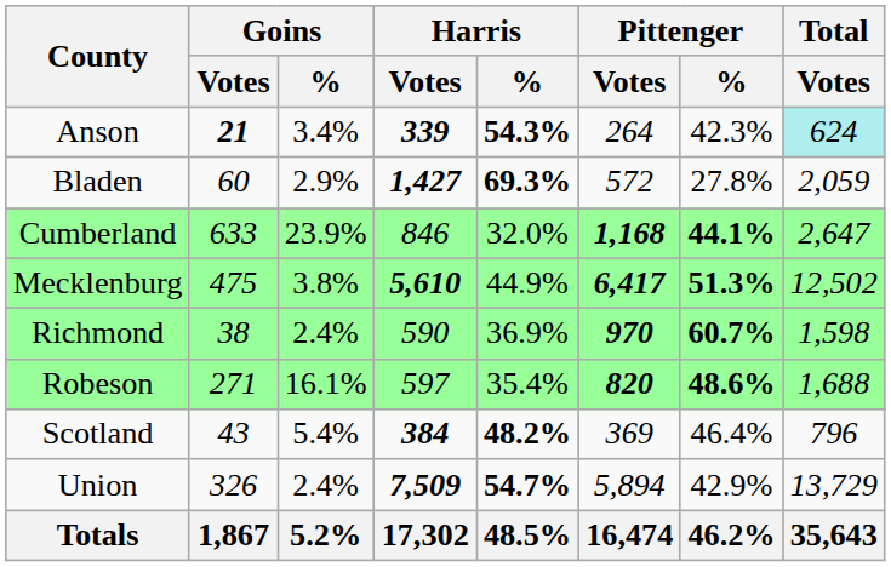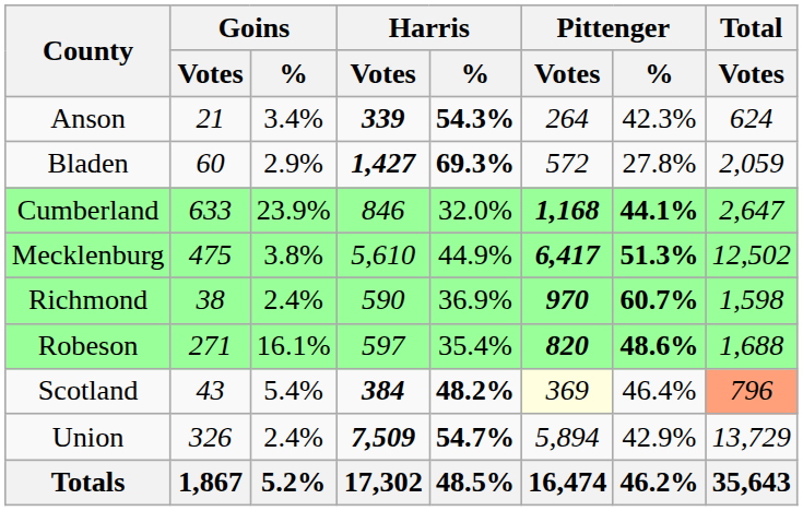 <table class="wikitable sortable" style="text-align:center">
 <tr>
 <th rowspan=2>County</th>
 <th colspan=2>Goins</th>
 <th colspan=2>Harris</th>
 <th colspan=2>Pittenger</th>
 <th>Total</th>
 </tr>
 <tr>
 <th>Votes</th>
 <th>%</th>
 <th>Votes</th>
 <th>%</th>
 <th>Votes</th>
 <th>%</th>
 <th data-sort-type=number>Votes</th>
 </tr>
 <tr>
 <td>Anson</td>
-<td><strong><em>21</em></strong></td>
+<td><em>21</em></td>
 <td>3.4%</td>
 <td><strong><em>339</em></strong></td>
 <td><strong>54.3%</strong></td>
 <td><em>264</em></td>
 <td>42.3%</td>
-<td style="background: paleturquoise;"><em>624</em></td>
+<td><em>624</em></td>
 </tr>
 <tr>
 <td>Bladen</td>
 <td><em>60</em></td>
 <td>2.9%</td>
 <td><strong><em>1,427</em></strong></td>
 <td><strong>69.3%</strong></td>
 <td><em>572</em></td>
 <td>27.8%</td>
 <td><em>2,059</em></td>
 </tr>
 <tr style="background:#9f9;">
 <td>Cumberland</td>
 <td><em>633</em></td>
 <td>23.9%</td>
 <td><em>846</em></td>
 <td>32.0%</td>
 <td><strong><em>1,168</em></strong></td>
 <td><strong>44.1%</strong></td>
 <td><em>2,647</em></td>
 </tr>
 <tr style="background:#9f9;">
 <td>Mecklenburg</td>
 <td><em>475</em></td>
 <td>3.8%</td>
-<td><strong><em>5,610</em></strong></td>
+<td><em>5,610</em></td>
 <td>44.9%</td>
 <td><strong><em>6,417</em></strong></td>
 <td><strong>51.3%</strong></td>
 <td><em>12,502</em></td>
 </tr>
 <tr style="background:#9f9;">
 <td>Richmond</td>
 <td><em>38</em></td>
 <td>2.4%</td>
 <td><em>590</em></td>
 <td>36.9%</td>
 <td><strong><em>970</em></strong></td>
 <td><strong>60.7%</strong></td>
 <td><em>1,598</em></td>
 </tr>
 <tr style="background:#9f9;">
 <td>Robeson</td>
 <td><em>271</em></td>
 <td>16.1%</td>
 <td><em>597</em></td>
 <td>35.4%</td>
 <td><strong><em>820</em></strong></td>
 <td><strong>48.6%</strong></td>
 <td><em>1,688</em></td>
 </tr>
 <tr>
 <td>Scotland</td>
 <td><em>43</em></td>
 <td>5.4%</td>
 <td><strong><em>384</em></strong></td>
 <td><strong>48.2%</strong></td>
-<td><em>369</em></td>
+<td style="background: lightyellow;"><em>369</em></td>
 <td>46.4%</td>
-<td><em>796</em></td>
+<td style="background: lightsalmon;"><em>796</em></td>
 </tr>
 <tr>
 <td>Union</td>
 <td><em>326</em></td>
 <td>2.4%</td>
 <td><strong><em>7,509</em></strong></td>
 <td><strong>54.7%</strong></td>
 <td><em>5,894</em></td>
 <td>42.9%</td>
 <td><em>13,729</em></td>
 </tr>
 <tr>
 <th>Totals</th>
 <th>1,867</th>
 <th>5.2%</th>
 <th>17,302</th>
 <th>48.5%</th>
 <th>16,474</th>
 <th>46.2%</th>
 <th>35,643</th>
 </tr>
 </table>
